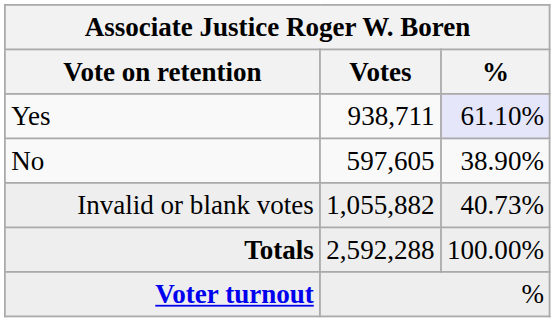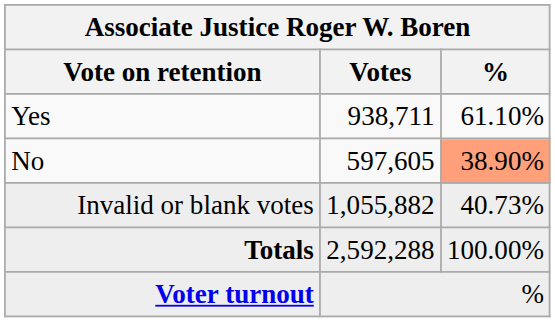 <table class="wikitable" style="font-size: 95%;">
 <tr style="background-color:#E9E9E9">
 <th colspan=7>Associate Justice Roger W. Boren</th>
 </tr>
 <tr style="background-color:#E9E9E9">
 <th style="width: 170px">Vote on retention</th>
 <th style="width: 50px">Votes</th>
 <th style="width: 40px">%</th>
 </tr>
 <tr>
 <td>Yes</td>
 <td align="right">938,711</td>
-<td align="right" style="background: lavender;">61.10%</td>
+<td align="right">61.10%</td>
 </tr>
 <tr>
 <td>No</td>
 <td align="right">597,605</td>
-<td align="right">38.90%</td>
+<td align="right" style="background: lightsalmon;">38.90%</td>
 </tr>
 <tr style="background-color:#EEEEEE">
 <td align="right">Invalid or blank votes</td>
 <td align="right">1,055,882</td>
 <td align="right">40.73%</td>
 </tr>
 <tr style="background-color:#EEEEEE">
 <td colspan="1" align="right"><strong>Totals</strong></td>
 <td align="right">2,592,288</td>
 <td align="right">100.00%</td>
 </tr>
 <tr style="background-color:#EEEEEE">
 <td align="right"><strong><a href='#'>Voter turnout</a></strong></td>
 <td colspan="2" align="right">%</td>
 </tr>
 </table>
